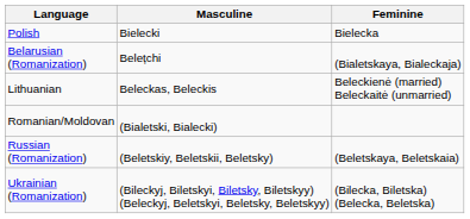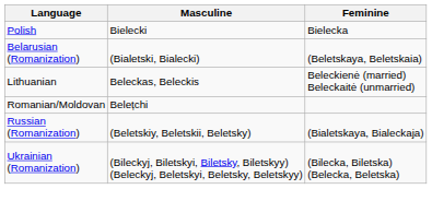 <table class="wikitable">
 <tr>
 <th>Language</th>
 <th>Masculine</th>
 <th>Feminine</th>
 </tr>
 <tr>
 <td><a href='#'>Polish</a></td>
 <td>Bielecki</td>
 <td>Bielecka</td>
 </tr>
 <tr>
 <td><a href='#'>Belarusian</a> <br>(<a href='#'>Romanization</a>)</td>
-<td>Belețchi</td>
-<td><br> (Bialetskaya, Bialeckaja)</td>
+<td><br> (Bialetski, Bialecki)</td>
+<td><br> (Beletskaya, Beletskaia)</td>
 </tr>
 <tr>
 <td>Lithuanian</td>
 <td>Beleckas, Beleckis</td>
 <td>Beleckienė (married) <br>Beleckaitė (unmarried)</td>
 </tr>
 <tr>
 <td>Romanian/Moldovan</td>
-<td><br> (Bialetski, Bialecki)</td>
+<td>Belețchi</td>
 </tr>
 <tr>
 <td><a href='#'>Russian</a> <br>(<a href='#'>Romanization</a>)</td>
 <td><br> (Beletskiy, Beletskii, Beletsky)</td>
-<td><br> (Beletskaya, Beletskaia)</td>
+<td><br> (Bialetskaya, Bialeckaja)</td>
 </tr>
 <tr>
 <td><a href='#'>Ukrainian</a> <br>(<a href='#'>Romanization</a>)</td>
 <td><br>(Bileckyj, Biletskyi, <a href='#'>Biletsky</a>, Biletskyy) <br>(Beleckyj, Beletskyi, Beletsky, Beletskyy)</td>
 <td><br>(Bilecka, Biletska) <br>(Belecka, Beletska)</td>
 </tr>
 </table>
